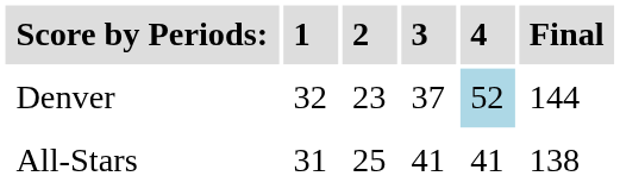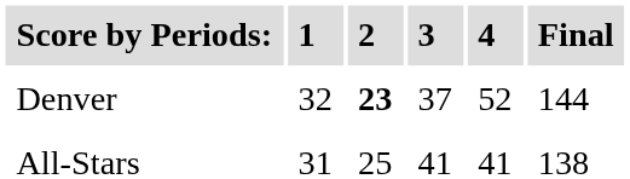 <table cellpadding=5>
 <tr bgcolor="#dddddd">
 <td><strong>Score by Periods:</strong></td>
 <td><strong>1</strong></td>
 <td><strong>2</strong></td>
 <td><strong>3</strong></td>
 <td><strong>4</strong></td>
 <td><strong>Final</strong></td>
 </tr>
 <tr>
 <td>Denver</td>
 <td>32</td>
-<td>23</td>
+<td><strong>23</strong></td>
 <td>37</td>
-<td style="background: lightblue;">52</td>
+<td>52</td>
 <td>144</td>
 </tr>
 <tr>
 <td>All-Stars</td>
 <td>31</td>
 <td>25</td>
 <td>41</td>
 <td>41</td>
 <td>138</td>
 </tr>
 <tr>
 </tr>
 </table>
